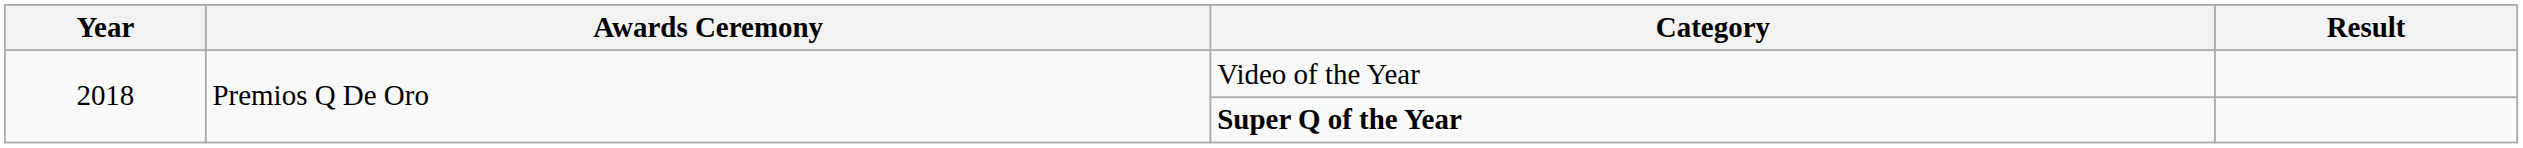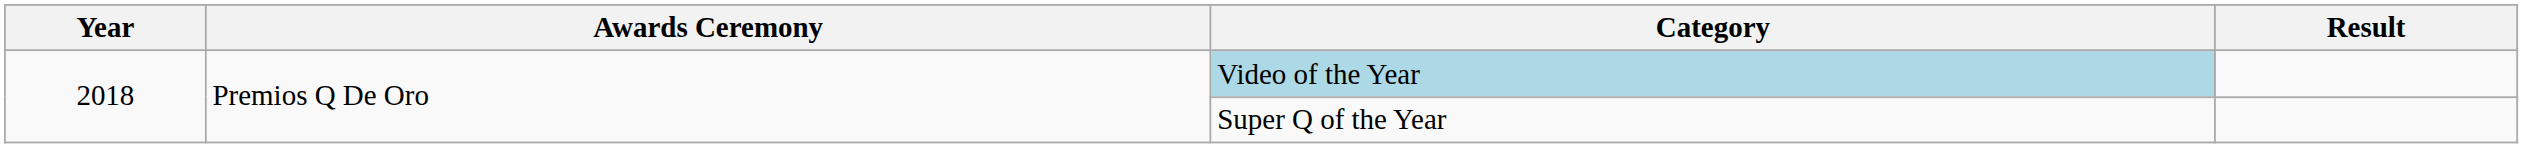 <table class="wikitable plainrowheaders" style="width:70%;">
 <tr>
 <th scope="col" style="width:4%;">Year</th>
 <th scope="col" style="width:20%;">Awards Ceremony</th>
 <th scope="col" style="width:20%;">Category</th>
 <th scope="col" style="width:6%;">Result</th>
 </tr>
 <tr>
 <td rowspan="2" style="text-align:center;">2018</td>
 <td rowspan=2>Premios Q De Oro</td>
-<td>Video of the Year</td>
+<td style="background: lightblue;">Video of the Year</td>
 <td></td>
 </tr>
 <tr>
-<td><strong>Super Q of the Year</strong></td>
+<td>Super Q of the Year</td>
 <td></td>
 </tr>
 </table>
